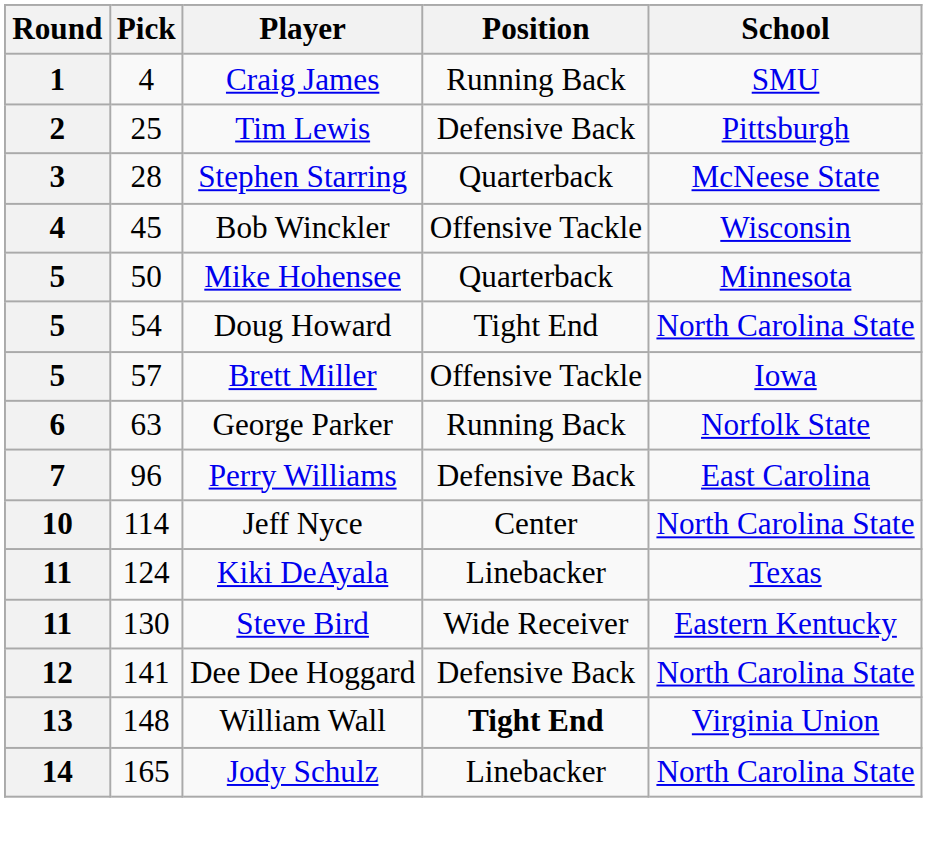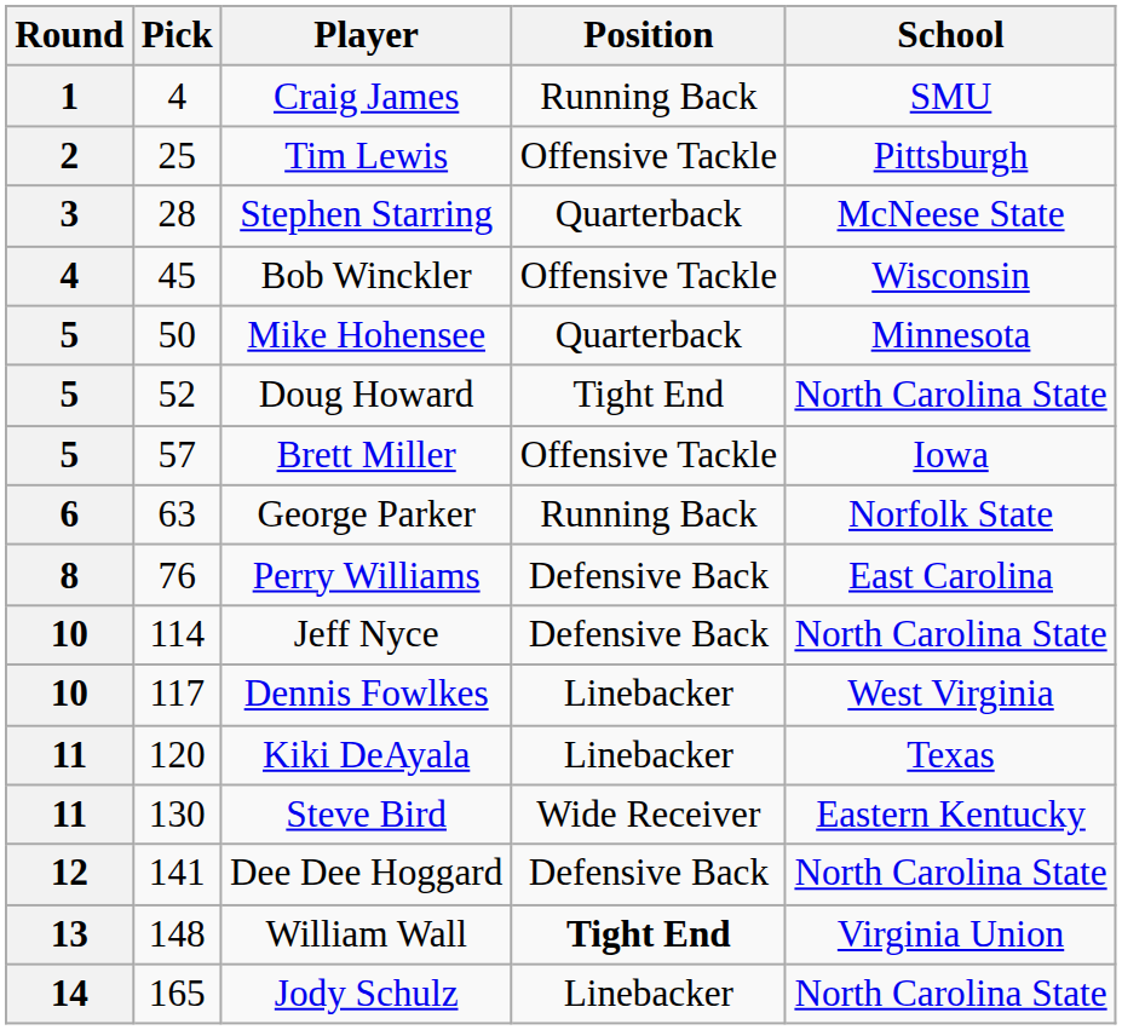 <table class="wikitable sortable sortable">
 <tr>
 <th>Round</th>
 <th>Pick</th>
 <th>Player</th>
 <th>Position</th>
 <th>School</th>
 </tr>
 <tr>
 <th>1</th>
 <td align=center>4</td>
 <td align=center><a href='#'>Craig James</a></td>
 <td align=center>Running Back</td>
 <td align=center><a href='#'>SMU</a></td>
 </tr>
 <tr>
 <th>2</th>
 <td align=center>25</td>
 <td align=center><a href='#'>Tim Lewis</a></td>
-<td align=center>Defensive Back</td>
+<td align=center>Offensive Tackle</td>
 <td align=center><a href='#'>Pittsburgh</a></td>
 </tr>
 <tr>
 <th>3</th>
 <td align=center>28</td>
 <td align=center><a href='#'>Stephen Starring</a></td>
 <td align=center>Quarterback</td>
 <td align=center><a href='#'>McNeese State</a></td>
 </tr>
 <tr>
 <th>4</th>
 <td align=center>45</td>
 <td align=center>Bob Winckler</td>
 <td align=center>Offensive Tackle</td>
 <td align=center><a href='#'>Wisconsin</a></td>
 </tr>
 <tr>
 <th>5</th>
 <td align=center>50</td>
 <td align=center><a href='#'>Mike Hohensee</a></td>
 <td align=center>Quarterback</td>
 <td align=center><a href='#'>Minnesota</a></td>
 </tr>
 <tr>
 <th>5</th>
-<td align=center>54</td>
+<td align=center>52</td>
 <td align=center>Doug Howard</td>
 <td align=center>Tight End</td>
 <td align=center><a href='#'>North Carolina State</a></td>
 </tr>
 <tr>
 <th>5</th>
 <td align=center>57</td>
 <td align=center><a href='#'>Brett Miller</a></td>
 <td align=center>Offensive Tackle</td>
 <td align=center><a href='#'>Iowa</a></td>
 </tr>
 <tr>
 <th>6</th>
 <td align=center>63</td>
 <td align=center>George Parker</td>
 <td align=center>Running Back</td>
 <td align=center><a href='#'>Norfolk State</a></td>
 </tr>
 <tr>
-<th>7</th>
-<td align=center>96</td>
+<th>8</th>
+<td align=center>76</td>
 <td align=center><a href='#'>Perry Williams</a></td>
 <td align=center>Defensive Back</td>
 <td align=center><a href='#'>East Carolina</a></td>
 </tr>
 <tr>
 <th>10</th>
 <td align=center>114</td>
 <td align=center>Jeff Nyce</td>
-<td align=center>Center</td>
+<td align=center>Defensive Back</td>
 <td align=center><a href='#'>North Carolina State</a></td>
 </tr>
 <tr>
+<th>10</th>
+<td align=center>117</td>
+<td align=center><a href='#'>Dennis Fowlkes</a></td>
+<td align=center>Linebacker</td>
+<td align=center><a href='#'>West Virginia</a></td>
+</tr>
+<tr>
 <th>11</th>
-<td align=center>124</td>
+<td align=center>120</td>
 <td align=center><a href='#'>Kiki DeAyala</a></td>
 <td align=center>Linebacker</td>
 <td align=center><a href='#'>Texas</a></td>
 </tr>
 <tr>
 <th>11</th>
 <td align=center>130</td>
 <td align=center><a href='#'>Steve Bird</a></td>
 <td align=center>Wide Receiver</td>
 <td align=center><a href='#'>Eastern Kentucky</a></td>
 </tr>
 <tr>
 <th>12</th>
 <td align=center>141</td>
 <td align=center>Dee Dee Hoggard</td>
 <td align=center>Defensive Back</td>
 <td align=center><a href='#'>North Carolina State</a></td>
 </tr>
 <tr>
 <th>13</th>
 <td align=center>148</td>
 <td align=center>William Wall</td>
 <td align=center><strong>Tight End</strong></td>
 <td align=center><a href='#'>Virginia Union</a></td>
 </tr>
 <tr>
 <th>14</th>
 <td align=center>165</td>
 <td align=center><a href='#'>Jody Schulz</a></td>
 <td align=center>Linebacker</td>
 <td align=center><a href='#'>North Carolina State</a></td>
 </tr>
 </table>
